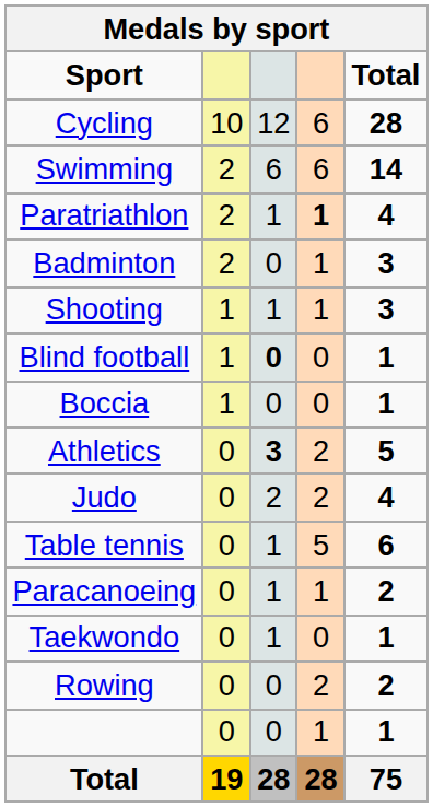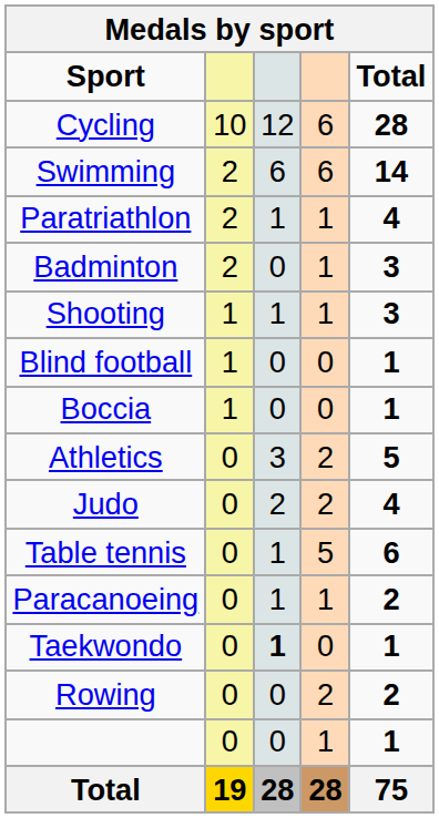 <table class="wikitable" style="font-size:85%">
 <tr style="background:#efefef;">
 <th colspan=7><strong>Medals by sport</strong></th>
 </tr>
 <tr align=center>
 <td><strong>Sport</strong></td>
 <td bgcolor=#f7f6a8></td>
 <td bgcolor=#dce5e5></td>
 <td bgcolor=#ffdab9></td>
 <td><strong>Total</strong></td>
 </tr>
 <tr align=center>
 <td><a href='#'>Cycling</a></td>
 <td style="background:#F7F6A8;">10</td>
 <td style="background:#DCE5E5;">12</td>
 <td style="background:#FFDAB9;">6</td>
 <td><strong>28</strong></td>
 </tr>
 <tr align=center>
 <td><a href='#'>Swimming</a></td>
 <td style="background:#F7F6A8;">2</td>
 <td style="background:#DCE5E5;">6</td>
 <td style="background:#FFDAB9;">6</td>
 <td><strong>14</strong></td>
 </tr>
 <tr align=center>
 <td><a href='#'>Paratriathlon</a></td>
 <td style="background:#F7F6A8;">2</td>
 <td style="background:#DCE5E5;">1</td>
-<td style="background:#FFDAB9;"><strong>1</strong></td>
+<td style="background:#FFDAB9;">1</td>
 <td><strong>4</strong></td>
 </tr>
 <tr align=center>
 <td><a href='#'>Badminton</a></td>
 <td style="background:#F7F6A8;">2</td>
 <td style="background:#DCE5E5;">0</td>
 <td style="background:#FFDAB9;">1</td>
 <td><strong>3</strong></td>
 </tr>
 <tr align=center>
 <td><a href='#'>Shooting</a></td>
 <td style="background:#F7F6A8;">1</td>
 <td style="background:#DCE5E5;">1</td>
 <td style="background:#FFDAB9;">1</td>
 <td><strong>3</strong></td>
 </tr>
 <tr align=center>
 <td><a href='#'>Blind football</a></td>
 <td style="background:#F7F6A8;">1</td>
-<td style="background:#DCE5E5;"><strong>0</strong></td>
+<td style="background:#DCE5E5;">0</td>
 <td style="background:#FFDAB9;">0</td>
 <td><strong>1</strong></td>
 </tr>
 <tr align=center>
 <td><a href='#'>Boccia</a></td>
 <td style="background:#F7F6A8;">1</td>
 <td style="background:#DCE5E5;">0</td>
 <td style="background:#FFDAB9;">0</td>
 <td><strong>1</strong></td>
 </tr>
 <tr align=center>
 <td><a href='#'>Athletics</a></td>
 <td style="background:#F7F6A8;">0</td>
-<td style="background:#DCE5E5;"><strong>3</strong></td>
+<td style="background:#DCE5E5;">3</td>
 <td style="background:#FFDAB9;">2</td>
 <td><strong>5</strong></td>
 </tr>
 <tr align=center>
 <td><a href='#'>Judo</a></td>
 <td style="background:#F7F6A8;">0</td>
 <td style="background:#DCE5E5;">2</td>
 <td style="background:#FFDAB9;">2</td>
 <td><strong>4</strong></td>
 </tr>
 <tr align=center>
 <td><a href='#'>Table tennis</a></td>
 <td style="background:#F7F6A8;">0</td>
 <td style="background:#DCE5E5;">1</td>
 <td style="background:#FFDAB9;">5</td>
 <td><strong>6</strong></td>
 </tr>
 <tr align=center>
 <td><a href='#'>Paracanoeing</a></td>
 <td style="background:#F7F6A8;">0</td>
 <td style="background:#DCE5E5;">1</td>
 <td style="background:#FFDAB9;">1</td>
 <td><strong>2</strong></td>
 </tr>
 <tr align=center>
 <td><a href='#'>Taekwondo</a></td>
 <td style="background:#F7F6A8;">0</td>
-<td style="background:#DCE5E5;">1</td>
+<td style="background:#DCE5E5;"><strong>1</strong></td>
 <td style="background:#FFDAB9;">0</td>
 <td><strong>1</strong></td>
 </tr>
 <tr align=center>
 <td><a href='#'>Rowing</a></td>
 <td style="background:#F7F6A8;">0</td>
 <td style="background:#DCE5E5;">0</td>
 <td style="background:#FFDAB9;">2</td>
 <td><strong>2</strong></td>
 </tr>
 <tr align=center>
 <td></td>
 <td style="background:#F7F6A8;">0</td>
 <td style="background:#DCE5E5;">0</td>
 <td style="background:#FFDAB9;">1</td>
 <td><strong>1</strong></td>
 </tr>
 <tr align=center>
 <th><strong>Total</strong></th>
 <th style="background:gold;"><strong>19</strong></th>
 <th style="background:silver;"><strong>28</strong></th>
 <th style="background:#c96;"><strong>28</strong></th>
 <th><strong>75</strong></th>
 </tr>
 </table>
